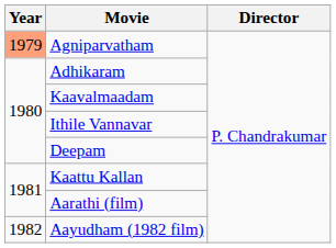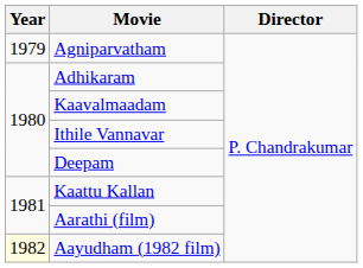 <table class="wikitable">
 <tr>
 <th>Year</th>
 <th>Movie</th>
 <th>Director</th>
 </tr>
 <tr>
-<td style="background: lightsalmon;">1979</td>
+<td>1979</td>
 <td><a href='#'>Agniparvatham</a></td>
 <td rowspan="8"><a href='#'>P. Chandrakumar</a></td>
 </tr>
 <tr>
 <td rowspan="4">1980</td>
 <td><a href='#'>Adhikaram</a></td>
 </tr>
 <tr>
 <td><a href='#'>Kaavalmaadam</a></td>
 </tr>
 <tr>
 <td><a href='#'>Ithile Vannavar</a></td>
 </tr>
 <tr>
 <td><a href='#'>Deepam</a></td>
 </tr>
 <tr>
 <td rowspan="2">1981</td>
 <td><a href='#'>Kaattu Kallan</a></td>
 </tr>
 <tr>
 <td><a href='#'>Aarathi (film)</a></td>
 </tr>
 <tr>
-<td>1982</td>
+<td style="background: lightyellow;">1982</td>
 <td><a href='#'>Aayudham (1982 film)</a></td>
 </tr>
 </table>
